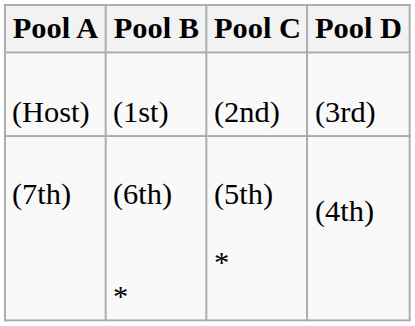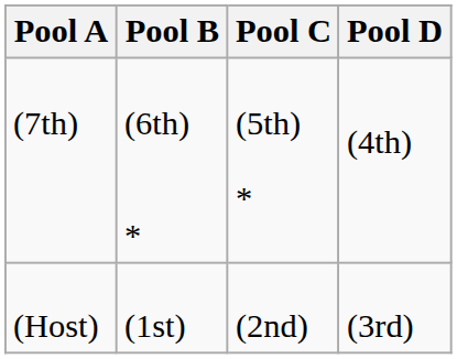 <table class="wikitable">
 <tr>
 <th width=25%>Pool A</th>
 <th width=25%>Pool B</th>
 <th width=25%>Pool C</th>
 <th width=25%>Pool D</th>
 </tr>
 <tr>
+<td valign=top><br> (7th)<br> <br> </td>
+<td valign=top><br> (6th)<br> <br> <br> <s></s> *<br></td>
+<td valign=top><br> (5th)<br> <br>  *<br> </td>
+<td><br> (4th)<br> <br> <br> </td>
+</tr>
+<tr>
 <td><br><strong></strong> (Host)</td>
 <td><br><strong></strong> (1st)</td>
 <td><br><strong></strong> (2nd)</td>
 <td><br><strong></strong> (3rd)</td>
 </tr>
-<tr>
-<td valign=top><br> (7th)<br> <br> </td>
-<td valign=top><br> (6th)<br> <br> <br> <s></s> *<br></td>
-<td valign=top><br> (5th)<br> <br>  *<br> </td>
-<td><br> (4th)<br> <br> <br> </td>
-</tr>
 </table>
